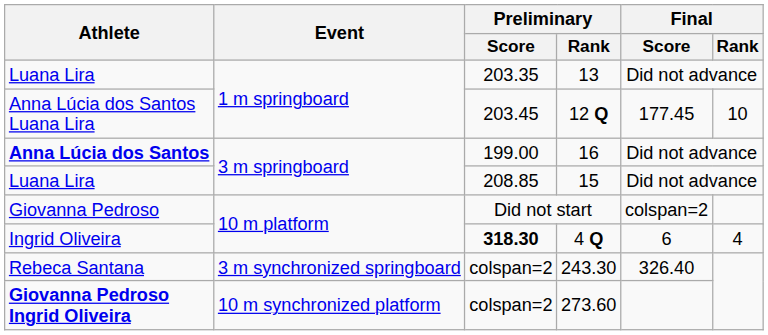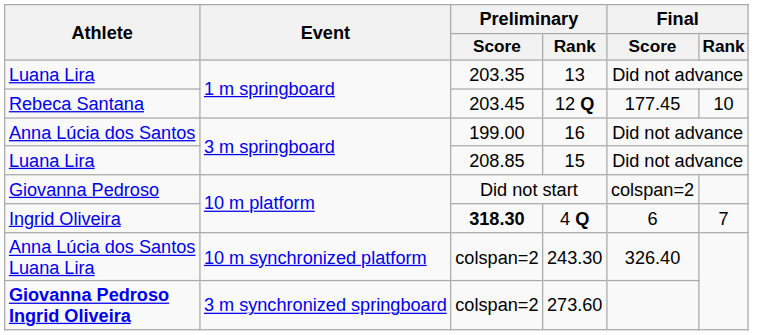 <table class=wikitable style=font-size:90%;text-align:center>
 <tr>
 <th rowspan=2>Athlete</th>
 <th rowspan=2>Event</th>
 <th colspan=2>Preliminary</th>
 <th colspan=2>Final</th>
 </tr>
 <tr style=font-size:95%>
 <th>Score</th>
 <th>Rank</th>
 <th>Score</th>
 <th>Rank</th>
 </tr>
 <tr>
 <td align="left"><a href='#'>Luana Lira</a></td>
 <td align="left" rowspan=2><a href='#'>1 m springboard</a></td>
 <td>203.35</td>
 <td>13</td>
 <td colspan=2>Did not advance</td>
 </tr>
 <tr>
-<td align="left"><a href='#'>Anna Lúcia dos Santos</a><br><a href='#'>Luana Lira</a></td>
+<td align="left"><a href='#'>Rebeca Santana</a></td>
 <td>203.45</td>
 <td>12 <strong>Q</strong></td>
 <td>177.45</td>
 <td>10</td>
 </tr>
 <tr>
-<td align="left"><strong><a href='#'>Anna Lúcia dos Santos</a></strong></td>
+<td align="left"><a href='#'>Anna Lúcia dos Santos</a></td>
 <td align="left" rowspan=2><a href='#'>3 m springboard</a></td>
 <td>199.00</td>
 <td>16</td>
 <td colspan=2>Did not advance</td>
 </tr>
 <tr>
 <td align="left"><a href='#'>Luana Lira</a></td>
 <td>208.85</td>
 <td>15</td>
 <td colspan=2>Did not advance</td>
 </tr>
 <tr>
 <td align="left"><a href='#'>Giovanna Pedroso</a></td>
 <td align="left" rowspan=2><a href='#'>10 m platform</a></td>
 <td colspan=2>Did not start</td>
 <td>colspan=2 </td>
 </tr>
 <tr>
 <td align="left"><a href='#'>Ingrid Oliveira</a></td>
 <td><strong>318.30</strong></td>
 <td>4 <strong>Q</strong></td>
 <td>6</td>
-<td>4</td>
+<td>7</td>
 </tr>
 <tr>
-<td align="left"><a href='#'>Rebeca Santana</a></td>
-<td align="left"><a href='#'>3 m synchronized springboard</a></td>
+<td align="left"><a href='#'>Anna Lúcia dos Santos</a><br><a href='#'>Luana Lira</a></td>
+<td align="left"><a href='#'>10 m synchronized platform</a></td>
 <td>colspan=2 </td>
 <td>243.30</td>
 <td>326.40</td>
 </tr>
 <tr>
 <td align="left"><strong><a href='#'>Giovanna Pedroso</a><br><a href='#'>Ingrid Oliveira</a></strong></td>
-<td align="left"><a href='#'>10 m synchronized platform</a></td>
+<td align="left"><a href='#'>3 m synchronized springboard</a></td>
 <td>colspan=2 </td>
 <td>273.60</td>
 <td></td>
 </tr>
 </table>
